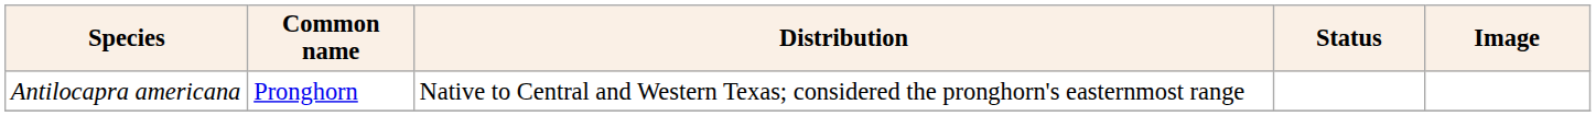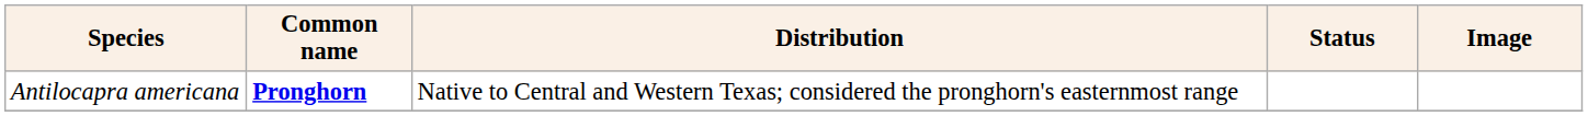 <table class="sortable wikitable plainrowheaders" border="0" style="background:#ffffff" align="top" class="sortable wikitable">
 <tr ->
 <th scope="col" style="background-color:Linen; color:Black" width=150 px>Species</th>
 <th scope="col" style="background-color:Linen; color:Black" width=100 px>Common name</th>
 <th scope="col" style="background:Linen; color:Black" width=550 px>Distribution</th>
 <th scope="col" style="background-color:Linen; color:Black" width=90 px>Status</th>
 <th scope="col" style="background:Linen; color:Black" width=100 px>Image</th>
 </tr>
 <tr>
 <td !scope="row" style="background:#ffffff"><em>Antilocapra americana</em></td>
-<td><a href='#'>Pronghorn</a></td>
+<td><strong><a href='#'>Pronghorn</a></strong></td>
 <td>Native to Central and Western Texas; considered the pronghorn's easternmost range</td>
 <td></td>
 <td></td>
 </tr>
 <tr>
 </tr>
 </table>
